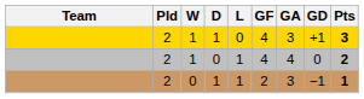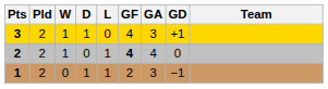 <table class="wikitable" style="text-align:center">
 <tr>
-<th width=165>Team</th>
+<th width=20>Pts</th>
 <th width=20>Pld</th>
 <th width=20>W</th>
 <th width=20>D</th>
 <th width=20>L</th>
 <th width=20>GF</th>
 <th width=20>GA</th>
 <th width=20>GD</th>
-<th width=20>Pts</th>
+<th width=165>Team</th>
 </tr>
 <tr bgcolor=gold>
-<td align="left"></td>
+<td><strong>3</strong></td>
 <td>2</td>
 <td>1</td>
 <td>1</td>
 <td>0</td>
 <td>4</td>
 <td>3</td>
 <td>+1</td>
-<td><strong>3</strong></td>
+<td align="left"></td>
 </tr>
 <tr bgcolor=silver>
-<td align="left"></td>
+<td><strong>2</strong></td>
 <td>2</td>
 <td>1</td>
 <td>0</td>
 <td>1</td>
-<td>4</td>
+<td><strong>4</strong></td>
 <td>4</td>
 <td>0</td>
-<td><strong>2</strong></td>
+<td align="left"></td>
 </tr>
 <tr bgcolor=#cc9966>
-<td align="left"></td>
+<td><strong>1</strong></td>
 <td>2</td>
 <td>0</td>
 <td>1</td>
 <td>1</td>
 <td>2</td>
 <td>3</td>
 <td>−1</td>
-<td><strong>1</strong></td>
+<td align="left"></td>
 </tr>
 </table>
